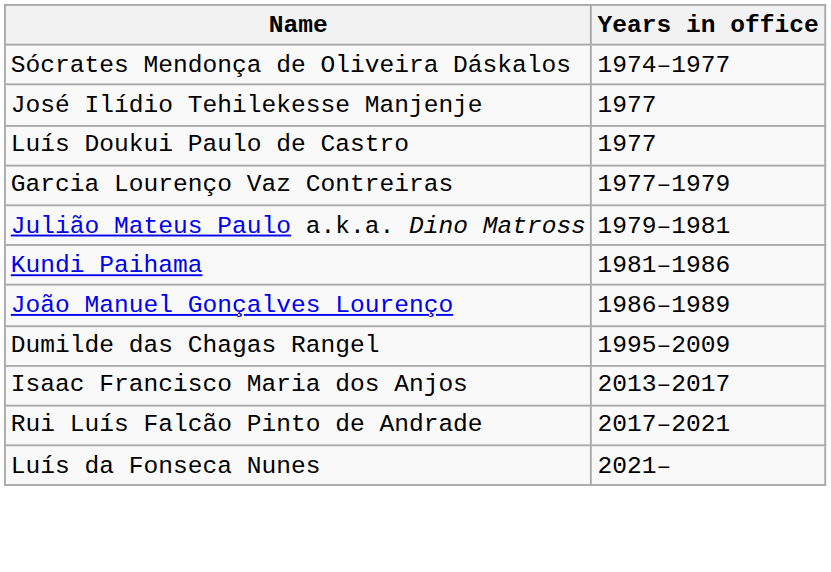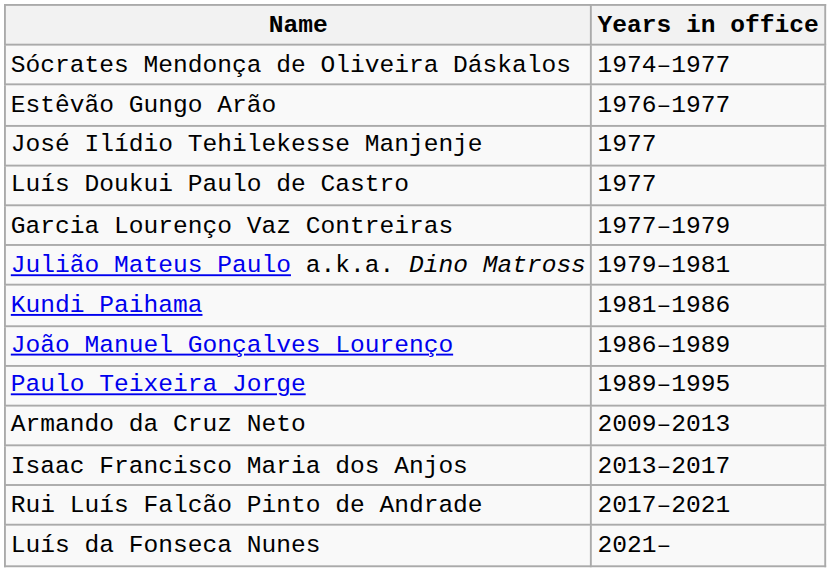 <table class="wikitable sortable">
 <tr>
 <th>Name</th>
 <th>Years in office</th>
 </tr>
 <tr>
 <td>Sócrates Mendonça de Oliveira Dáskalos</td>
 <td data-sort-value="04">1974–1977</td>
+</tr>
+<tr>
+<td>Estêvão Gungo Arão</td>
+<td data-sort-value="02">1976–1977</td>
 </tr>
 <tr>
 <td>José Ilídio Tehilekesse Manjenje</td>
 <td data-sort-value="01">1977</td>
 </tr>
 <tr>
 <td>Luís Doukui Paulo de Castro</td>
 <td data-sort-value="01">1977</td>
 </tr>
 <tr>
 <td>Garcia Lourenço Vaz Contreiras</td>
 <td data-sort-value="03">1977–1979</td>
 </tr>
 <tr>
 <td><a href='#'>Julião Mateus Paulo</a> a.k.a. <em>Dino Matross</em></td>
 <td data-sort-value="03">1979–1981</td>
 </tr>
 <tr>
 <td><a href='#'>Kundi Paihama</a></td>
 <td data-sort-value="06">1981–1986</td>
 </tr>
 <tr>
 <td><a href='#'>João Manuel Gonçalves Lourenço</a></td>
 <td data-sort-value="04">1986–1989</td>
 </tr>
 <tr>
-<td>Dumilde das Chagas Rangel</td>
-<td data-sort-value="15">1995–2009</td>
+<td><a href='#'>Paulo Teixeira Jorge</a></td>
+<td data-sort-value="07">1989–1995</td>
+</tr>
+<tr>
+<td>Armando da Cruz Neto</td>
+<td data-sort-value="05">2009–2013</td>
 </tr>
 <tr>
 <td>Isaac Francisco Maria dos Anjos</td>
 <td data-sort-value="05">2013–2017</td>
 </tr>
 <tr>
 <td>Rui Luís Falcão Pinto de Andrade</td>
 <td data-sort-value="03">2017–2021</td>
 </tr>
 <tr>
 <td>Luís da Fonseca Nunes</td>
 <td>2021–</td>
 </tr>
 </table>
